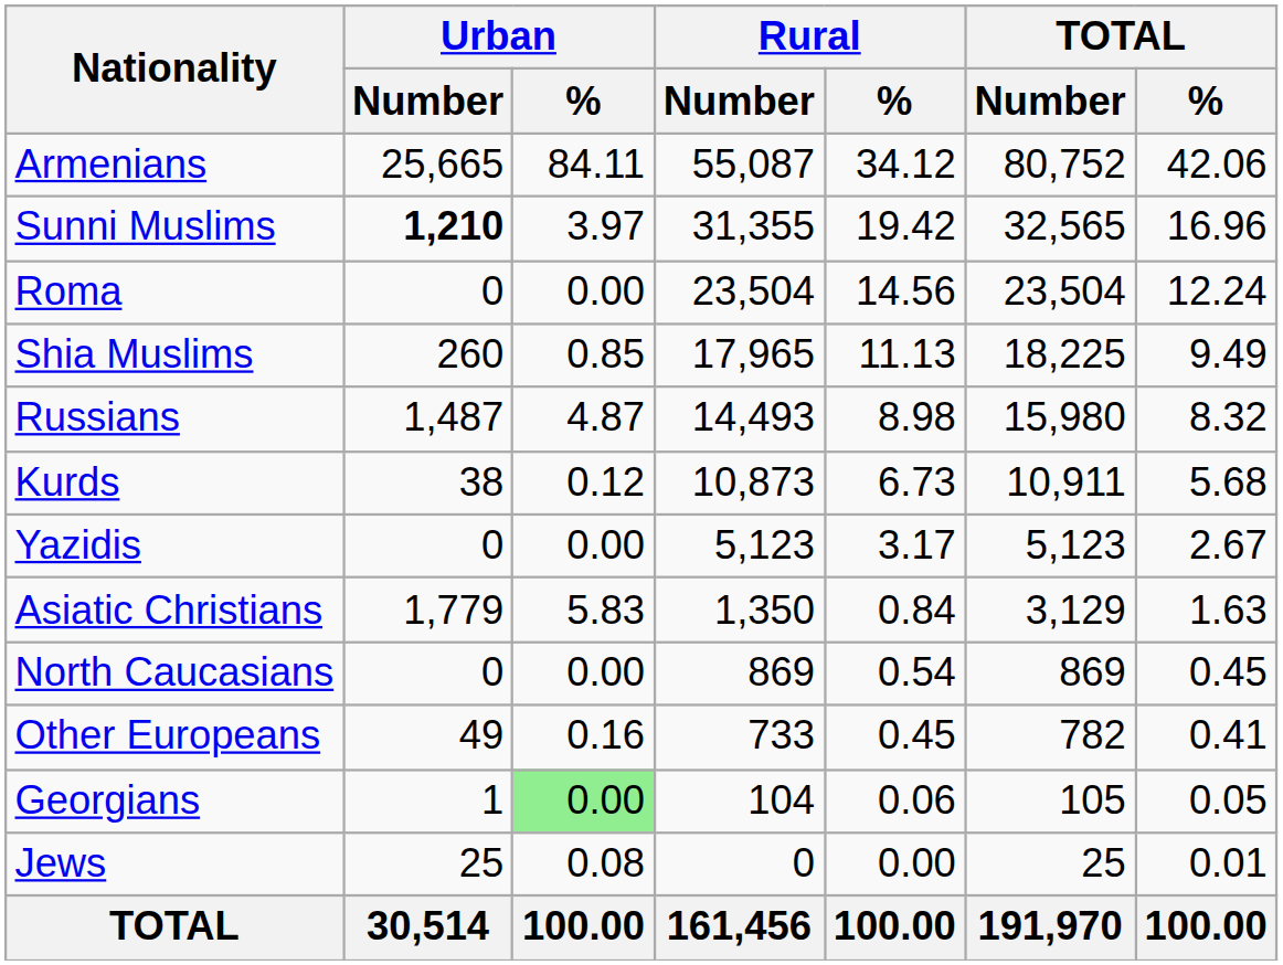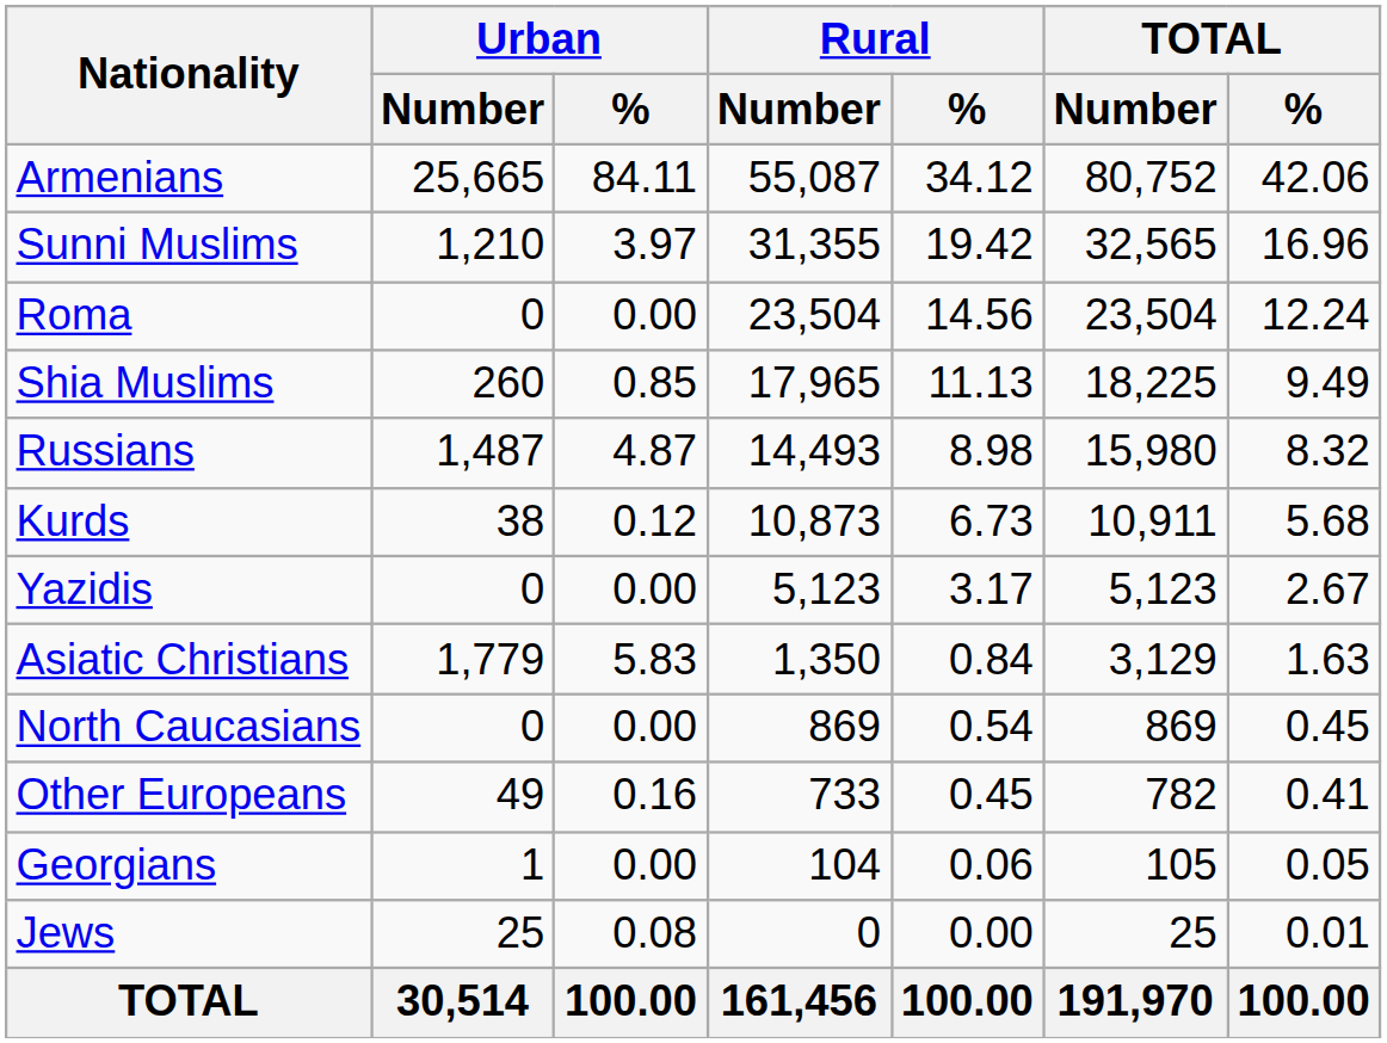 <table class="wikitable sortable">
 <tr>
 <th rowspan="2">Nationality</th>
 <th colspan="2"><a href='#'>Urban</a></th>
 <th colspan="2"><a href='#'>Rural</a></th>
 <th colspan="2">TOTAL</th>
 </tr>
 <tr>
 <th>Number</th>
 <th>%</th>
 <th>Number</th>
 <th>%</th>
 <th>Number</th>
 <th>%</th>
 </tr>
 <tr>
 <td><a href='#'>Armenians</a></td>
 <td align="right">25,665</td>
 <td align="right">84.11</td>
 <td align="right">55,087</td>
 <td align="right">34.12</td>
 <td align="right">80,752</td>
 <td align="right">42.06</td>
 </tr>
 <tr>
 <td><a href='#'>Sunni Muslims</a></td>
-<td align="right"><strong>1,210</strong></td>
+<td align="right">1,210</td>
 <td align="right">3.97</td>
 <td align="right">31,355</td>
 <td align="right">19.42</td>
 <td align="right">32,565</td>
 <td align="right">16.96</td>
 </tr>
 <tr>
 <td><a href='#'>Roma</a></td>
 <td align="right">0</td>
 <td align="right">0.00</td>
 <td align="right">23,504</td>
 <td align="right">14.56</td>
 <td align="right">23,504</td>
 <td align="right">12.24</td>
 </tr>
 <tr>
 <td><a href='#'>Shia Muslims</a></td>
 <td align="right">260</td>
 <td align="right">0.85</td>
 <td align="right">17,965</td>
 <td align="right">11.13</td>
 <td align="right">18,225</td>
 <td align="right">9.49</td>
 </tr>
 <tr>
 <td><a href='#'>Russians</a></td>
 <td align="right">1,487</td>
 <td align="right">4.87</td>
 <td align="right">14,493</td>
 <td align="right">8.98</td>
 <td align="right">15,980</td>
 <td align="right">8.32</td>
 </tr>
 <tr>
 <td><a href='#'>Kurds</a></td>
 <td align="right">38</td>
 <td align="right">0.12</td>
 <td align="right">10,873</td>
 <td align="right">6.73</td>
 <td align="right">10,911</td>
 <td align="right">5.68</td>
 </tr>
 <tr>
 <td><a href='#'>Yazidis</a></td>
 <td align="right">0</td>
 <td align="right">0.00</td>
 <td align="right">5,123</td>
 <td align="right">3.17</td>
 <td align="right">5,123</td>
 <td align="right">2.67</td>
 </tr>
 <tr>
 <td><a href='#'>Asiatic Christians</a></td>
 <td align="right">1,779</td>
 <td align="right">5.83</td>
 <td align="right">1,350</td>
 <td align="right">0.84</td>
 <td align="right">3,129</td>
 <td align="right">1.63</td>
 </tr>
 <tr>
 <td><a href='#'>North Caucasians</a></td>
 <td align="right">0</td>
 <td align="right">0.00</td>
 <td align="right">869</td>
 <td align="right">0.54</td>
 <td align="right">869</td>
 <td align="right">0.45</td>
 </tr>
 <tr>
 <td><a href='#'>Other Europeans</a></td>
 <td align="right">49</td>
 <td align="right">0.16</td>
 <td align="right">733</td>
 <td align="right">0.45</td>
 <td align="right">782</td>
 <td align="right">0.41</td>
 </tr>
 <tr>
 <td><a href='#'>Georgians</a></td>
 <td align="right">1</td>
-<td align="right" style="background: lightgreen;">0.00</td>
+<td align="right">0.00</td>
 <td align="right">104</td>
 <td align="right">0.06</td>
 <td align="right">105</td>
 <td align="right">0.05</td>
 </tr>
 <tr>
 <td><a href='#'>Jews</a></td>
 <td align="right">25</td>
 <td align="right">0.08</td>
 <td align="right">0</td>
 <td align="right">0.00</td>
 <td align="right">25</td>
 <td align="right">0.01</td>
 </tr>
 <tr>
 <th>TOTAL</th>
 <th>30,514</th>
 <th>100.00</th>
 <th>161,456</th>
 <th>100.00</th>
 <th>191,970</th>
 <th>100.00</th>
 </tr>
 </table>
